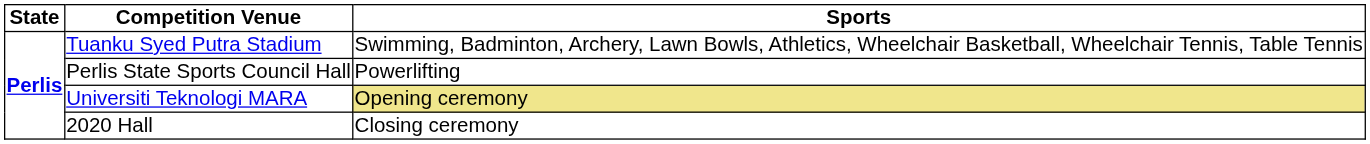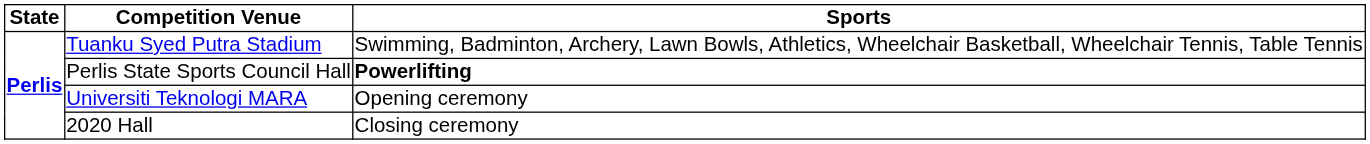 <table border=1 style="border-collapse:collapse; text-align:left; font-size:100%; border:2px black;">
 <tr style="text-align:center; color:black; font-weight:bold; background:white;">
 <td>State</td>
 <td>Competition Venue</td>
 <td>Sports</td>
 </tr>
 <tr>
 <td rowspan=4><strong><a href='#'>Perlis</a></strong></td>
 <td><a href='#'>Tuanku Syed Putra Stadium</a></td>
 <td>Swimming, Badminton, Archery, Lawn Bowls, Athletics, Wheelchair Basketball, Wheelchair Tennis, Table Tennis</td>
 </tr>
 <tr>
 <td>Perlis State Sports Council Hall</td>
-<td>Powerlifting</td>
+<td><strong>Powerlifting</strong></td>
 </tr>
 <tr>
 <td><a href='#'>Universiti Teknologi MARA</a></td>
-<td style="background: khaki;">Opening ceremony</td>
+<td>Opening ceremony</td>
 </tr>
 <tr>
 <td>2020 Hall</td>
 <td>Closing ceremony</td>
 </tr>
 </table>
